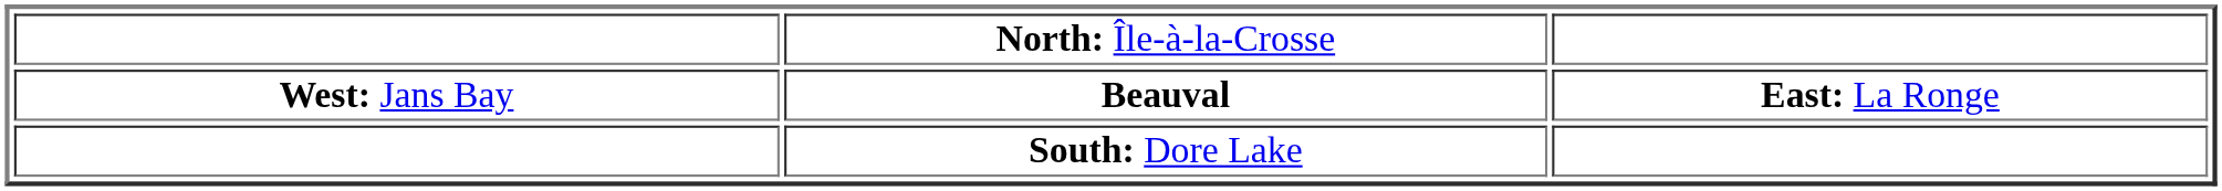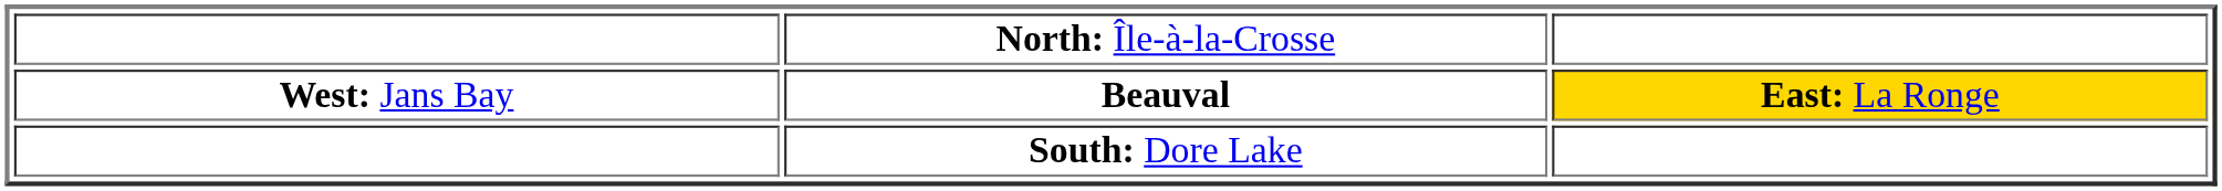 <table border="2" style="width:75%; margin:auto;">
 <tr>
 <td style="width:35%; text-align:center;"></td>
 <td style="width:30%; text-align:center;"><strong>North:</strong> <a href='#'>Île-à-la-Crosse</a></td>
 <td style="width:35%; text-align:center;"></td>
 </tr>
 <tr>
 <td style="width:10%; text-align:center;"><strong>West:</strong> <a href='#'>Jans Bay</a></td>
 <td style="width:35%; text-align:center;"><strong>Beauval</strong></td>
-<td style="width:30%; text-align:center;"><strong>East:</strong> <a href='#'>La Ronge</a></td>
+<td style="background: gold; width:30%; text-align:center;"><strong>East:</strong> <a href='#'>La Ronge</a></td>
 </tr>
 <tr>
 <td style="width:35%; text-align:center;"></td>
 <td style="width:30%; text-align:center;"><strong>South:</strong> <a href='#'>Dore Lake</a></td>
 <td style="width:35%; text-align:center;"></td>
 </tr>
 </table>
